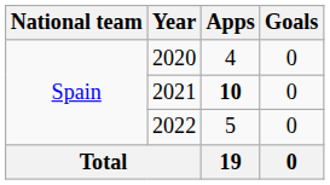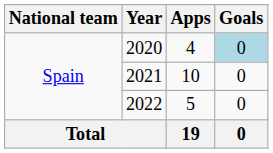 <table class="wikitable" style="text-align:center">
 <tr>
 <th>National team</th>
 <th>Year</th>
 <th>Apps</th>
 <th>Goals</th>
 </tr>
 <tr>
 <td rowspan="3"><a href='#'>Spain</a></td>
 <td>2020</td>
 <td>4</td>
-<td>0</td>
+<td style="background: lightblue;">0</td>
 </tr>
 <tr>
 <td>2021</td>
-<td><strong>10</strong></td>
+<td>10</td>
 <td>0</td>
 </tr>
 <tr>
 <td>2022</td>
 <td>5</td>
 <td>0</td>
 </tr>
 <tr>
 <th colspan="2">Total</th>
 <th>19</th>
 <th>0</th>
 </tr>
 </table>
